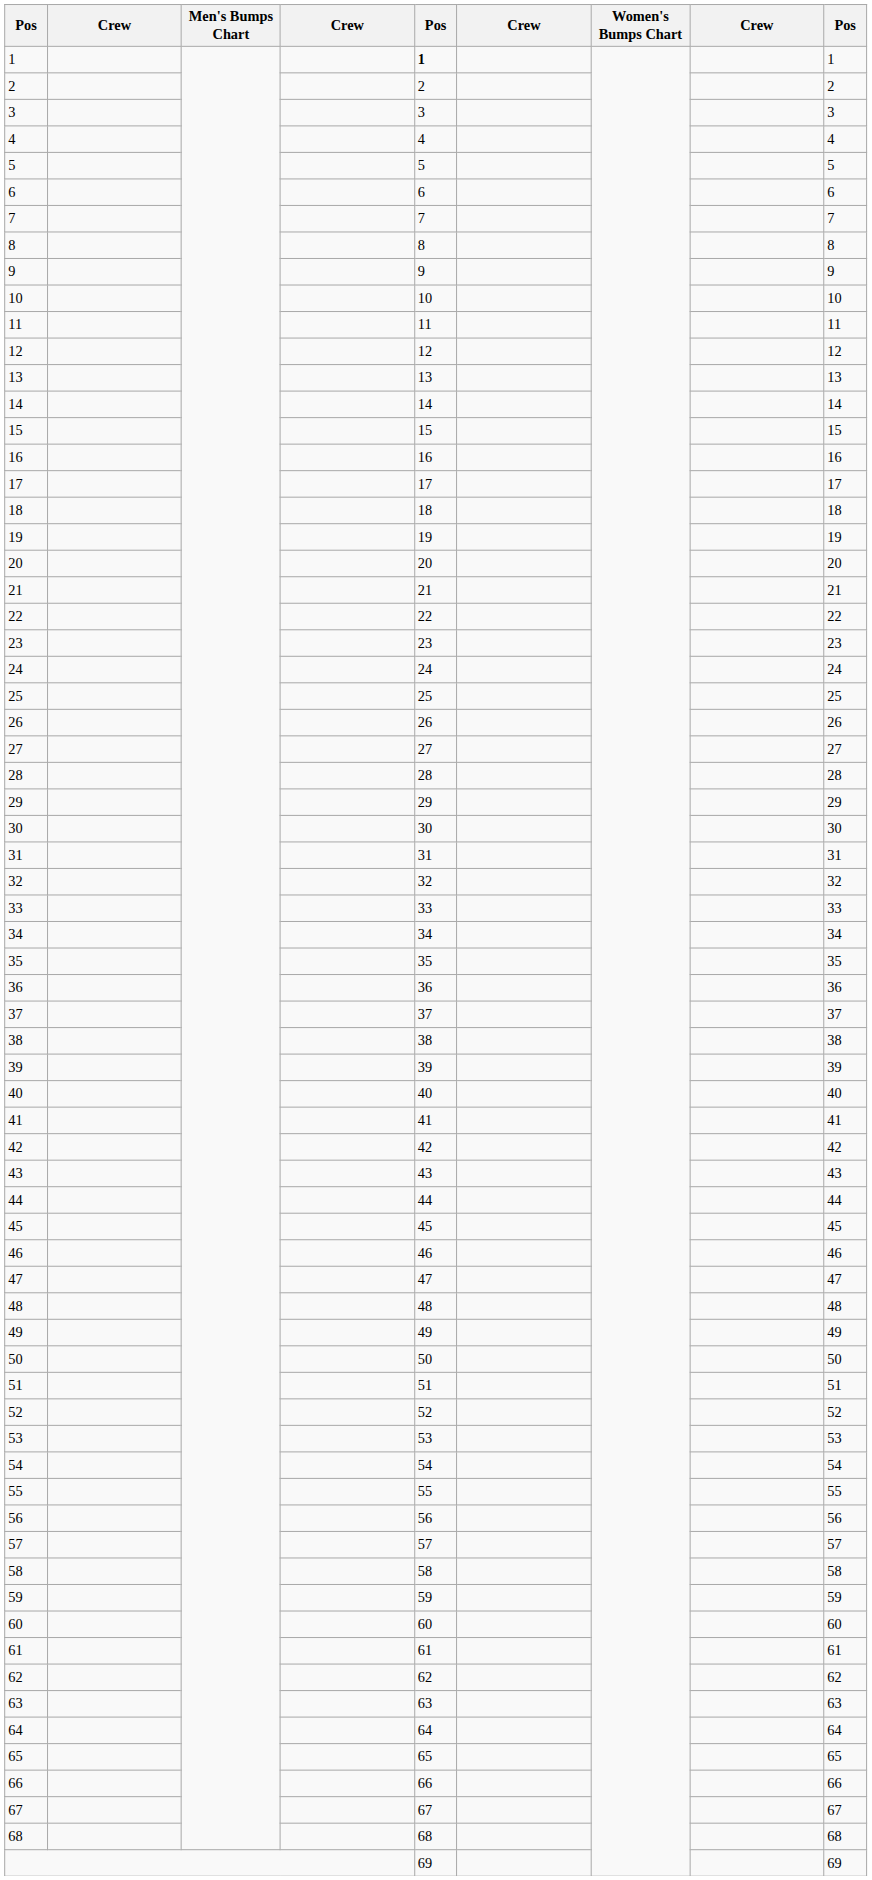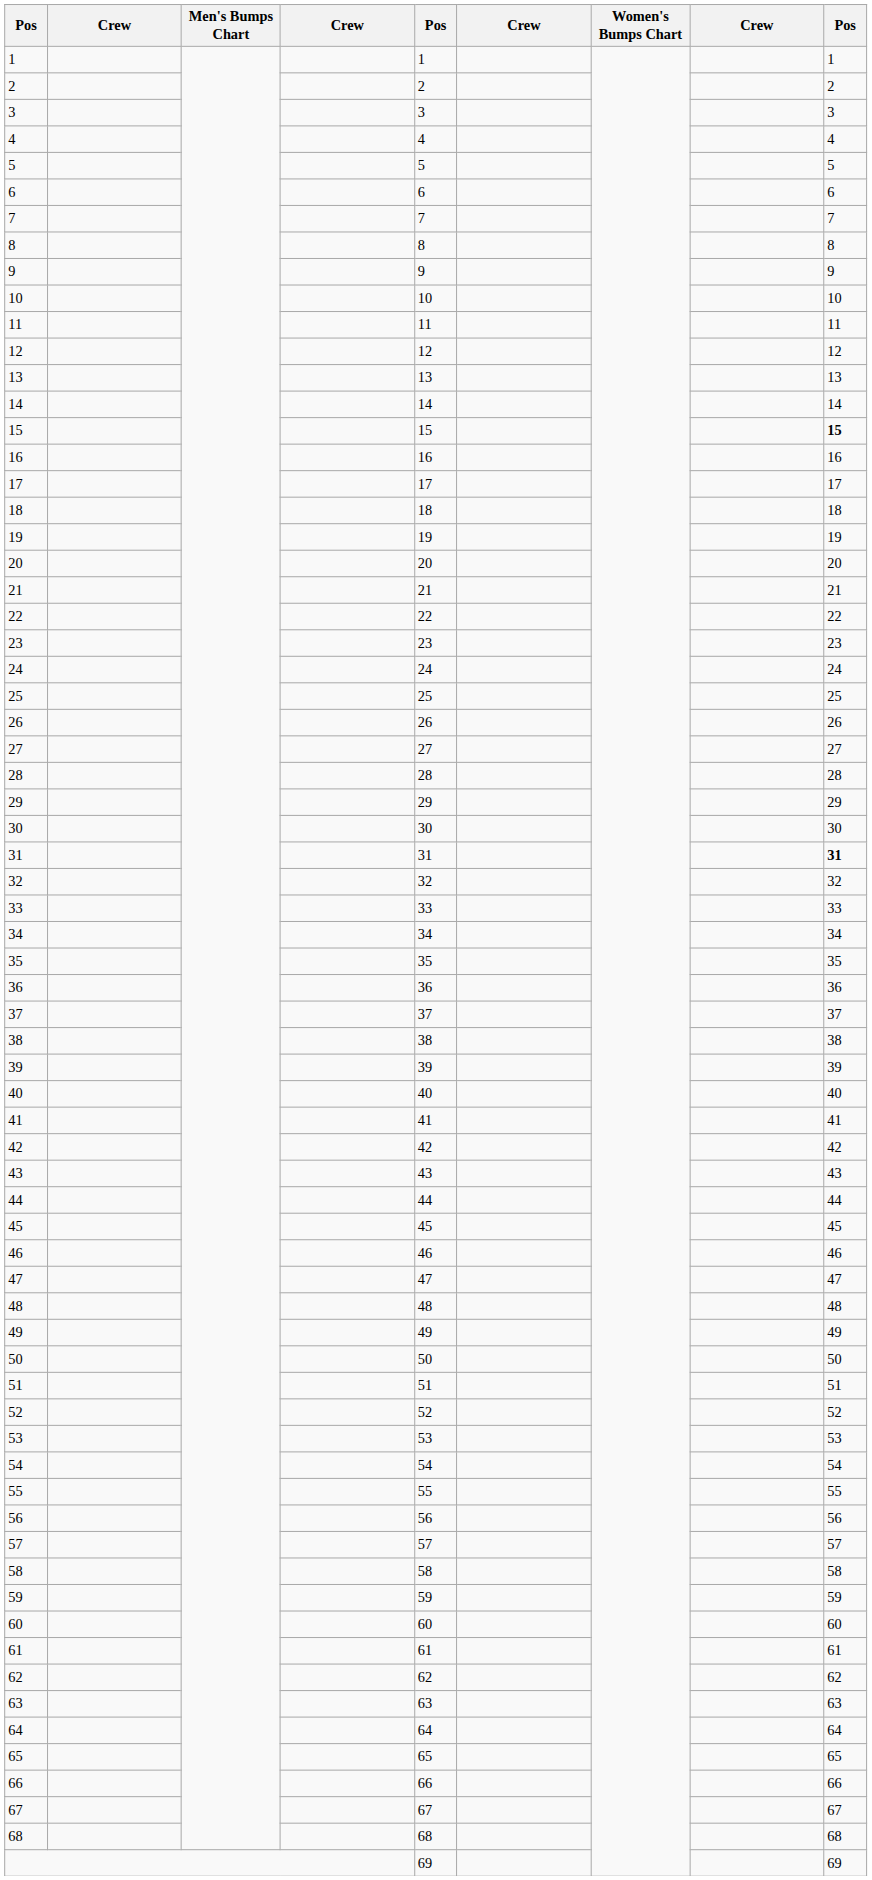 <table class="wikitable" style="font-size:88%; white-space:nowrap; margin:0.5em auto">
 <tr style="white-space:normal">
 <th width=35>Pos</th>
 <th width=125>Crew</th>
 <th width=90>Men's Bumps Chart</th>
 <th width=125>Crew</th>
 <th width=35>Pos</th>
 <th width=125>Crew</th>
 <th width=90>Women's Bumps Chart</th>
 <th width=125>Crew</th>
 <th width=35>Pos</th>
 </tr>
 <tr style="height:26px">
 <td>1</td>
 <td></td>
 <td rowspan="68" style="padding:0"><br></td>
 <td></td>
-<td><strong>1</strong></td>
+<td>1</td>
 <td></td>
 <td rowspan="69" style="padding:0"><br></td>
 <td></td>
 <td>1</td>
 </tr>
 <tr style="height:26px">
 <td>2</td>
 <td></td>
 <td></td>
 <td>2</td>
 <td></td>
 <td></td>
 <td>2</td>
 </tr>
 <tr style="height:26px">
 <td>3</td>
 <td></td>
 <td></td>
 <td>3</td>
 <td></td>
 <td></td>
 <td>3</td>
 </tr>
 <tr style="height:26px">
 <td>4</td>
 <td></td>
 <td></td>
 <td>4</td>
 <td></td>
 <td></td>
 <td>4</td>
 </tr>
 <tr style="height:26px">
 <td>5</td>
 <td></td>
 <td></td>
 <td>5</td>
 <td></td>
 <td></td>
 <td>5</td>
 </tr>
 <tr style="height:26px">
 <td>6</td>
 <td></td>
 <td></td>
 <td>6</td>
 <td></td>
 <td></td>
 <td>6</td>
 </tr>
 <tr style="height:26px">
 <td>7</td>
 <td></td>
 <td></td>
 <td>7</td>
 <td></td>
 <td></td>
 <td>7</td>
 </tr>
 <tr style="height:26px">
 <td>8</td>
 <td></td>
 <td></td>
 <td>8</td>
 <td></td>
 <td></td>
 <td>8</td>
 </tr>
 <tr style="height:26px">
 <td>9</td>
 <td></td>
 <td></td>
 <td>9</td>
 <td></td>
 <td></td>
 <td>9</td>
 </tr>
 <tr style="height:26px">
 <td>10</td>
 <td></td>
 <td></td>
 <td>10</td>
 <td></td>
 <td></td>
 <td>10</td>
 </tr>
 <tr style="height:26px">
 <td>11</td>
 <td></td>
 <td></td>
 <td>11</td>
 <td></td>
 <td></td>
 <td>11</td>
 </tr>
 <tr style="height:26px">
 <td>12</td>
 <td></td>
 <td></td>
 <td>12</td>
 <td></td>
 <td></td>
 <td>12</td>
 </tr>
 <tr style="height:26px">
 <td>13</td>
 <td></td>
 <td></td>
 <td>13</td>
 <td></td>
 <td></td>
 <td>13</td>
 </tr>
 <tr style="height:26px">
 <td>14</td>
 <td></td>
 <td></td>
 <td>14</td>
 <td></td>
 <td></td>
 <td>14</td>
 </tr>
 <tr style="height:26px">
 <td>15</td>
 <td></td>
 <td></td>
 <td>15</td>
 <td></td>
 <td></td>
-<td>15</td>
+<td><strong>15</strong></td>
 </tr>
 <tr style="height:26px">
 <td>16</td>
 <td></td>
 <td></td>
 <td>16</td>
 <td></td>
 <td></td>
 <td>16</td>
 </tr>
 <tr style="height:26px">
 <td>17</td>
 <td></td>
 <td></td>
 <td>17</td>
 <td></td>
 <td></td>
 <td>17</td>
 </tr>
 <tr style="height:26px">
 <td>18</td>
 <td></td>
 <td></td>
 <td>18</td>
 <td></td>
 <td></td>
 <td>18</td>
 </tr>
 <tr style="height:26px">
 <td>19</td>
 <td></td>
 <td></td>
 <td>19</td>
 <td></td>
 <td></td>
 <td>19</td>
 </tr>
 <tr style="height:26px">
 <td>20</td>
 <td></td>
 <td></td>
 <td>20</td>
 <td></td>
 <td></td>
 <td>20</td>
 </tr>
 <tr style="height:26px">
 <td>21</td>
 <td></td>
 <td></td>
 <td>21</td>
 <td></td>
 <td></td>
 <td>21</td>
 </tr>
 <tr style="height:26px">
 <td>22</td>
 <td></td>
 <td></td>
 <td>22</td>
 <td></td>
 <td></td>
 <td>22</td>
 </tr>
 <tr style="height:26px">
 <td>23</td>
 <td></td>
 <td></td>
 <td>23</td>
 <td></td>
 <td></td>
 <td>23</td>
 </tr>
 <tr style="height:26px">
 <td>24</td>
 <td></td>
 <td></td>
 <td>24</td>
 <td></td>
 <td></td>
 <td>24</td>
 </tr>
 <tr style="height:26px">
 <td>25</td>
 <td></td>
 <td></td>
 <td>25</td>
 <td></td>
 <td></td>
 <td>25</td>
 </tr>
 <tr style="height:26px">
 <td>26</td>
 <td></td>
 <td></td>
 <td>26</td>
 <td></td>
 <td></td>
 <td>26</td>
 </tr>
 <tr style="height:26px">
 <td>27</td>
 <td></td>
 <td></td>
 <td>27</td>
 <td></td>
 <td></td>
 <td>27</td>
 </tr>
 <tr style="height:26px">
 <td>28</td>
 <td></td>
 <td></td>
 <td>28</td>
 <td></td>
 <td></td>
 <td>28</td>
 </tr>
 <tr style="height:26px">
 <td>29</td>
 <td></td>
 <td></td>
 <td>29</td>
 <td></td>
 <td></td>
 <td>29</td>
 </tr>
 <tr style="height:26px">
 <td>30</td>
 <td></td>
 <td></td>
 <td>30</td>
 <td></td>
 <td></td>
 <td>30</td>
 </tr>
 <tr style="height:26px">
 <td>31</td>
 <td></td>
 <td></td>
 <td>31</td>
 <td></td>
 <td></td>
-<td>31</td>
+<td><strong>31</strong></td>
 </tr>
 <tr style="height:26px">
 <td>32</td>
 <td></td>
 <td></td>
 <td>32</td>
 <td></td>
 <td></td>
 <td>32</td>
 </tr>
 <tr style="height:26px">
 <td>33</td>
 <td></td>
 <td></td>
 <td>33</td>
 <td></td>
 <td></td>
 <td>33</td>
 </tr>
 <tr style="height:26px">
 <td>34</td>
 <td></td>
 <td></td>
 <td>34</td>
 <td></td>
 <td></td>
 <td>34</td>
 </tr>
 <tr style="height:26px">
 <td>35</td>
 <td></td>
 <td></td>
 <td>35</td>
 <td></td>
 <td></td>
 <td>35</td>
 </tr>
 <tr style="height:26px">
 <td>36</td>
 <td></td>
 <td></td>
 <td>36</td>
 <td></td>
 <td></td>
 <td>36</td>
 </tr>
 <tr style="height:26px">
 <td>37</td>
 <td></td>
 <td></td>
 <td>37</td>
 <td></td>
 <td></td>
 <td>37</td>
 </tr>
 <tr style="height:26px">
 <td>38</td>
 <td></td>
 <td></td>
 <td>38</td>
 <td></td>
 <td></td>
 <td>38</td>
 </tr>
 <tr style="height:26px">
 <td>39</td>
 <td></td>
 <td></td>
 <td>39</td>
 <td></td>
 <td></td>
 <td>39</td>
 </tr>
 <tr style="height:26px">
 <td>40</td>
 <td></td>
 <td></td>
 <td>40</td>
 <td></td>
 <td></td>
 <td>40</td>
 </tr>
 <tr style="height:26px">
 <td>41</td>
 <td></td>
 <td></td>
 <td>41</td>
 <td></td>
 <td></td>
 <td>41</td>
 </tr>
 <tr style="height:26px">
 <td>42</td>
 <td></td>
 <td></td>
 <td>42</td>
 <td></td>
 <td></td>
 <td>42</td>
 </tr>
 <tr style="height:26px">
 <td>43</td>
 <td></td>
 <td></td>
 <td>43</td>
 <td></td>
 <td></td>
 <td>43</td>
 </tr>
 <tr style="height:26px">
 <td>44</td>
 <td></td>
 <td></td>
 <td>44</td>
 <td></td>
 <td></td>
 <td>44</td>
 </tr>
 <tr style="height:26px">
 <td>45</td>
 <td></td>
 <td></td>
 <td>45</td>
 <td></td>
 <td></td>
 <td>45</td>
 </tr>
 <tr style="height:26px">
 <td>46</td>
 <td></td>
 <td></td>
 <td>46</td>
 <td></td>
 <td></td>
 <td>46</td>
 </tr>
 <tr style="height:26px">
 <td>47</td>
 <td></td>
 <td></td>
 <td>47</td>
 <td></td>
 <td></td>
 <td>47</td>
 </tr>
 <tr style="height:26px">
 <td>48</td>
 <td></td>
 <td></td>
 <td>48</td>
 <td></td>
 <td></td>
 <td>48</td>
 </tr>
 <tr style="height:26px">
 <td>49</td>
 <td></td>
 <td></td>
 <td>49</td>
 <td></td>
 <td></td>
 <td>49</td>
 </tr>
 <tr style="height:26px">
 <td>50</td>
 <td></td>
 <td></td>
 <td>50</td>
 <td></td>
 <td></td>
 <td>50</td>
 </tr>
 <tr style="height:26px">
 <td>51</td>
 <td></td>
 <td></td>
 <td>51</td>
 <td></td>
 <td></td>
 <td>51</td>
 </tr>
 <tr style="height:26px">
 <td>52</td>
 <td></td>
 <td></td>
 <td>52</td>
 <td></td>
 <td></td>
 <td>52</td>
 </tr>
 <tr style="height:26px">
 <td>53</td>
 <td></td>
 <td></td>
 <td>53</td>
 <td></td>
 <td></td>
 <td>53</td>
 </tr>
 <tr style="height:26px">
 <td>54</td>
 <td></td>
 <td></td>
 <td>54</td>
 <td></td>
 <td></td>
 <td>54</td>
 </tr>
 <tr style="height:26px">
 <td>55</td>
 <td></td>
 <td></td>
 <td>55</td>
 <td></td>
 <td></td>
 <td>55</td>
 </tr>
 <tr style="height:26px">
 <td>56</td>
 <td></td>
 <td></td>
 <td>56</td>
 <td></td>
 <td></td>
 <td>56</td>
 </tr>
 <tr style="height:26px">
 <td>57</td>
 <td></td>
 <td></td>
 <td>57</td>
 <td></td>
 <td></td>
 <td>57</td>
 </tr>
 <tr style="height:26px">
 <td>58</td>
 <td></td>
 <td></td>
 <td>58</td>
 <td></td>
 <td></td>
 <td>58</td>
 </tr>
 <tr style="height:26px">
 <td>59</td>
 <td></td>
 <td></td>
 <td>59</td>
 <td></td>
 <td></td>
 <td>59</td>
 </tr>
 <tr style="height:26px">
 <td>60</td>
 <td></td>
 <td></td>
 <td>60</td>
 <td></td>
 <td></td>
 <td>60</td>
 </tr>
 <tr style="height:26px">
 <td>61</td>
 <td></td>
 <td></td>
 <td>61</td>
 <td></td>
 <td></td>
 <td>61</td>
 </tr>
 <tr style="height:26px">
 <td>62</td>
 <td></td>
 <td></td>
 <td>62</td>
 <td></td>
 <td></td>
 <td>62</td>
 </tr>
 <tr style="height:26px">
 <td>63</td>
 <td></td>
 <td></td>
 <td>63</td>
 <td></td>
 <td></td>
 <td>63</td>
 </tr>
 <tr style="height:26px">
 <td>64</td>
 <td></td>
 <td></td>
 <td>64</td>
 <td></td>
 <td></td>
 <td>64</td>
 </tr>
 <tr style="height:26px">
 <td>65</td>
 <td></td>
 <td></td>
 <td>65</td>
 <td></td>
 <td></td>
 <td>65</td>
 </tr>
 <tr style="height:26px">
 <td>66</td>
 <td></td>
 <td></td>
 <td>66</td>
 <td></td>
 <td></td>
 <td>66</td>
 </tr>
 <tr style="height:26px">
 <td>67</td>
 <td></td>
 <td></td>
 <td>67</td>
 <td></td>
 <td></td>
 <td>67</td>
 </tr>
 <tr style="height:26px">
 <td>68</td>
 <td></td>
 <td></td>
 <td>68</td>
 <td></td>
 <td></td>
 <td>68</td>
 </tr>
 <tr style="height:26px">
 <td colspan="4"> </td>
 <td>69</td>
 <td></td>
 <td></td>
 <td>69</td>
 </tr>
 </table>
